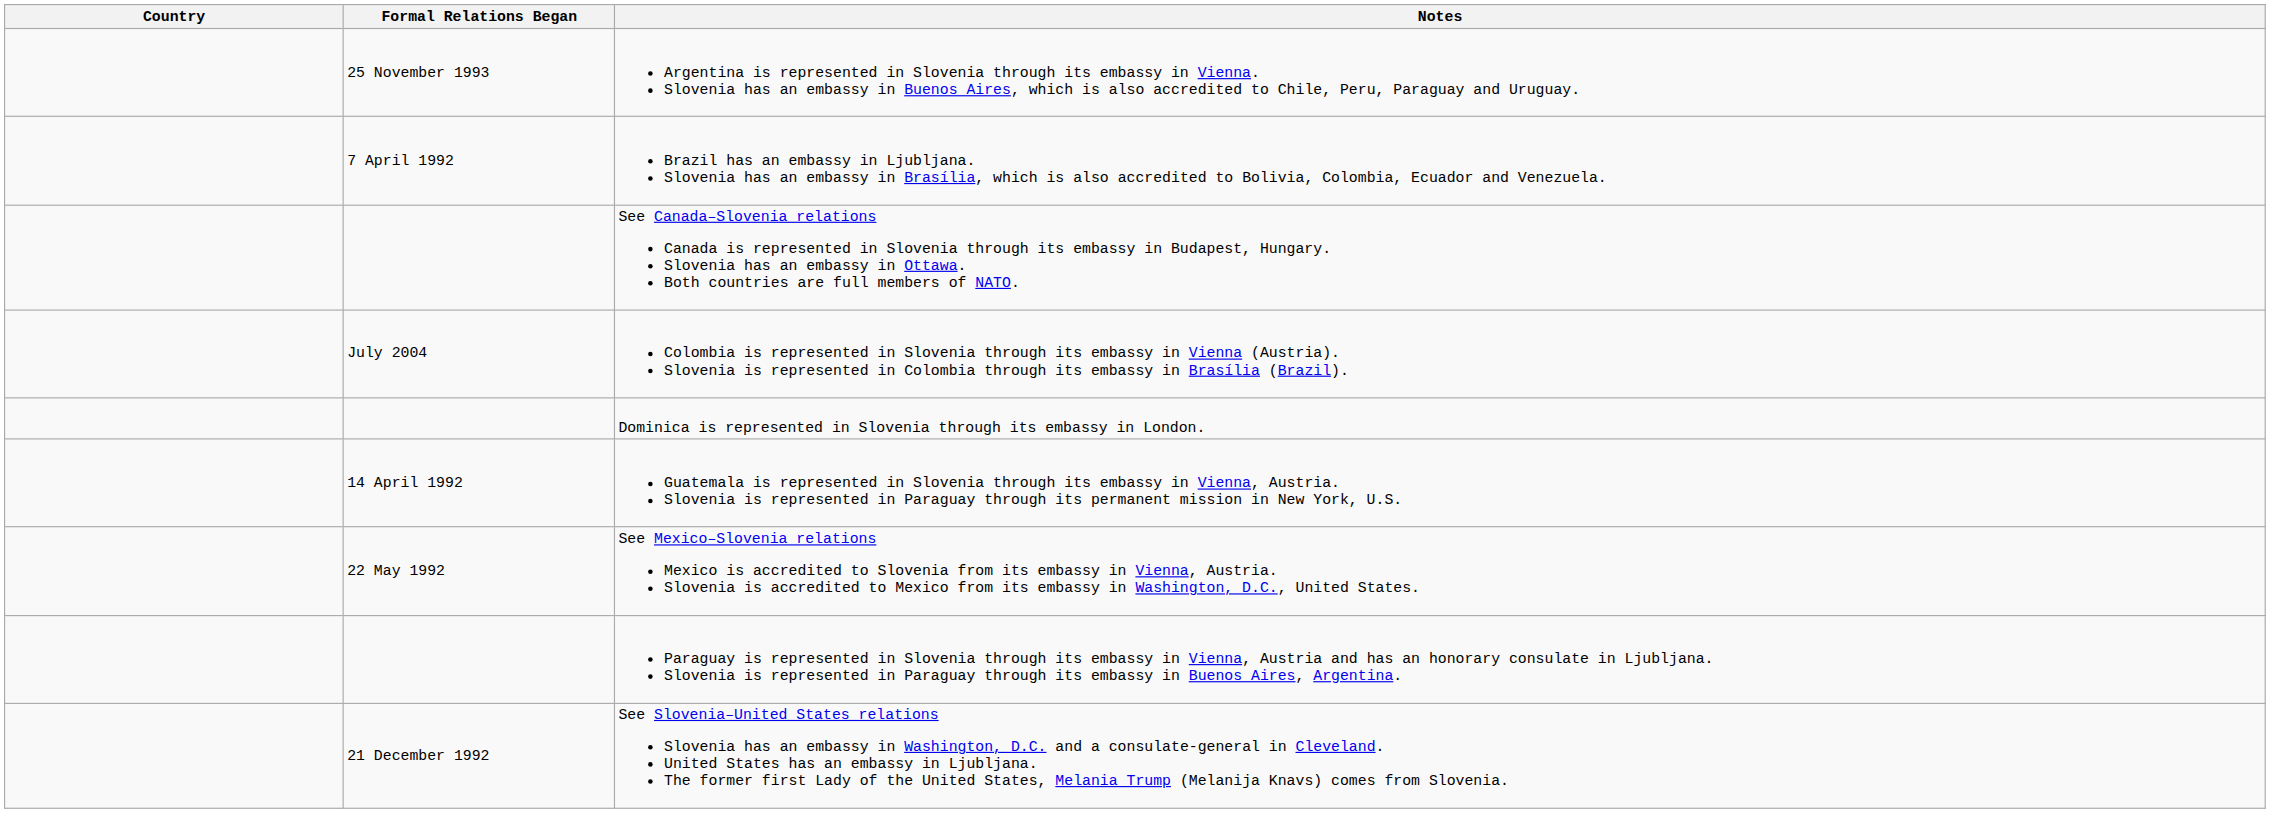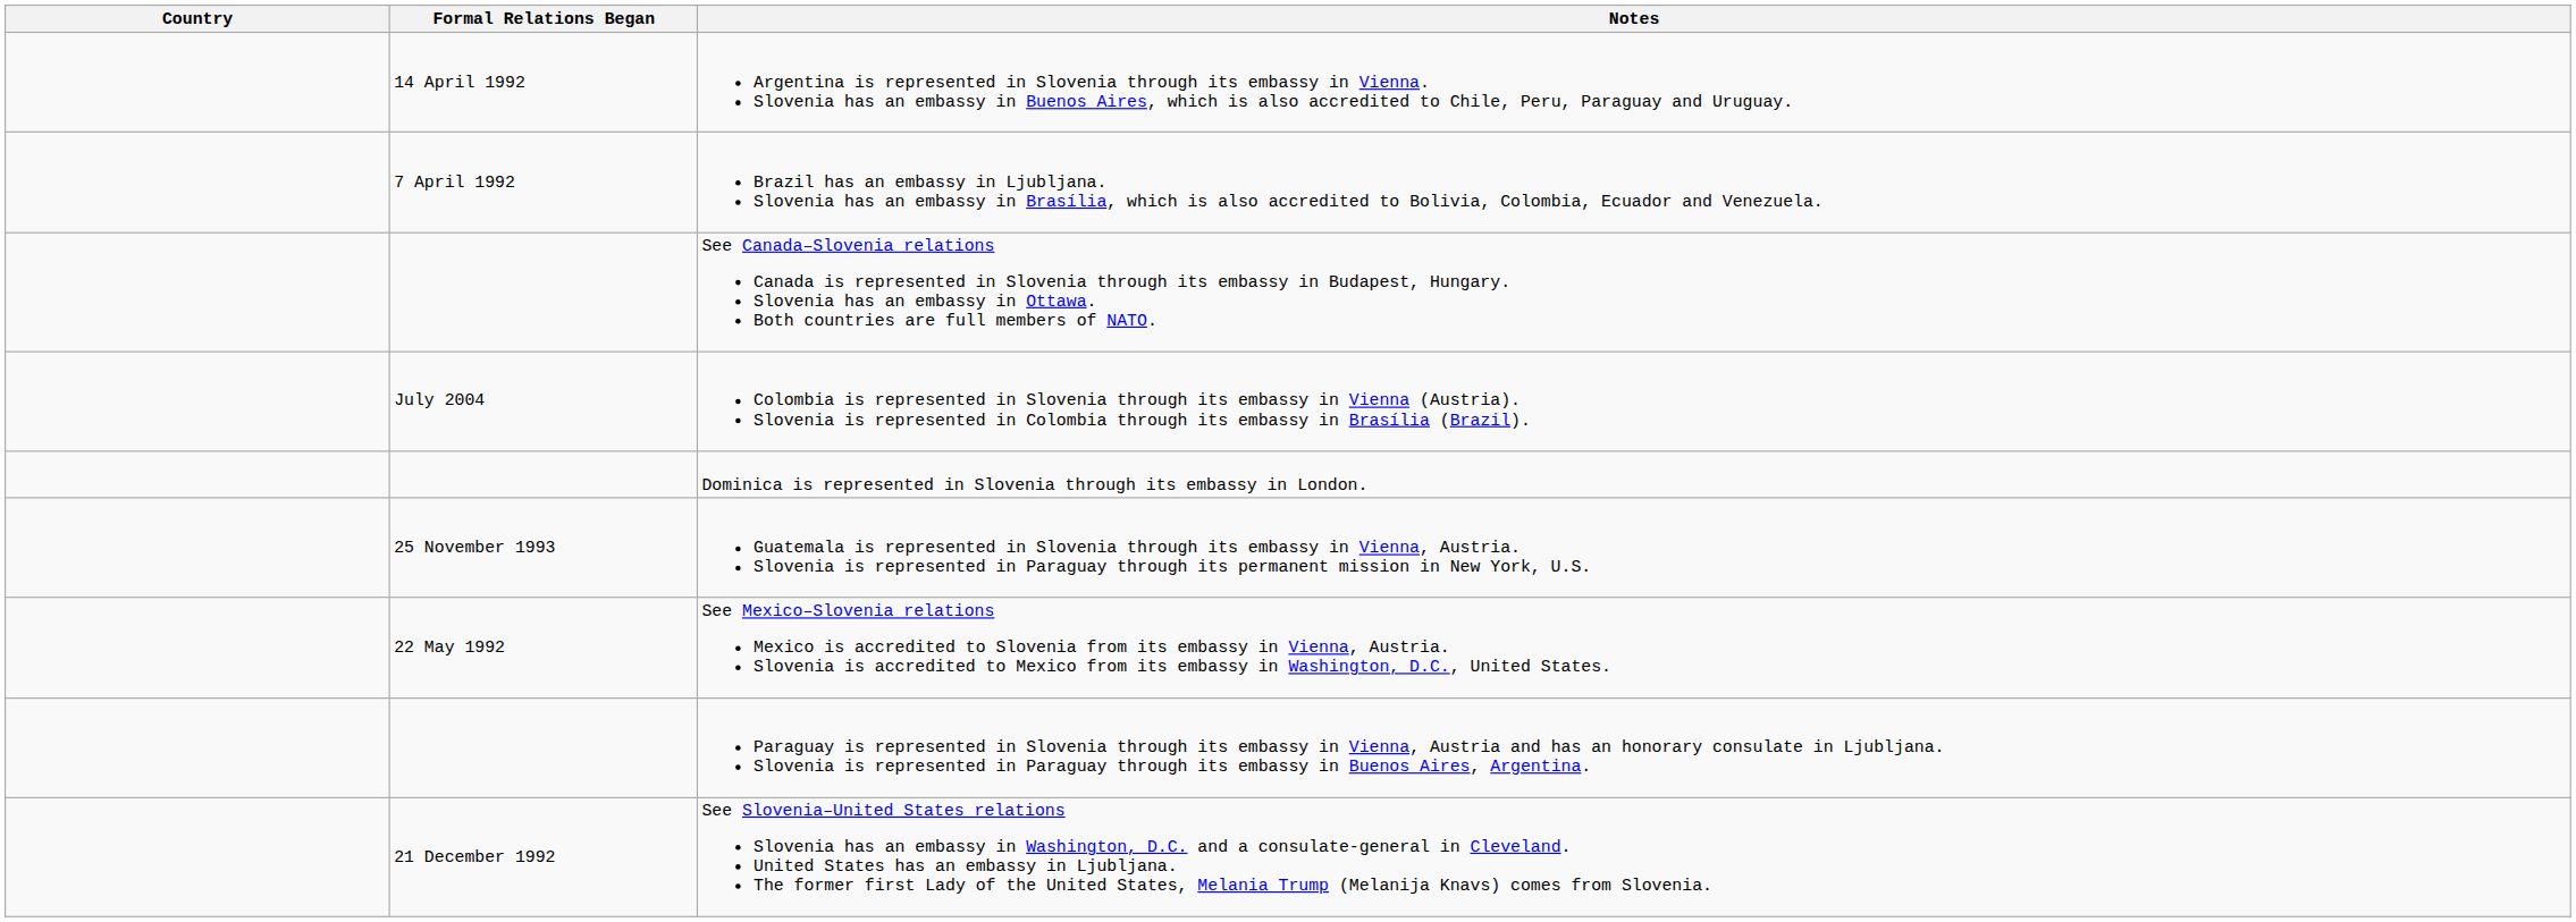 <table class="wikitable sortable" border="1" style="width:100%; margin:auto;">
 <tr>
 <th width="15%">Country</th>
 <th width="12%">Formal Relations Began</th>
 <th>Notes</th>
 </tr>
 <tr -valign="top">
 <td></td>
-<td>25 November 1993</td>
+<td>14 April 1992</td>
 <td><br><ul><li>Argentina is represented in Slovenia through its embassy in <a href='#'>Vienna</a>.</li><li>Slovenia has an embassy in <a href='#'>Buenos Aires</a>, which is also accredited to Chile, Peru, Paraguay and Uruguay.</li></ul></td>
 </tr>
 <tr -valign="top">
 <td></td>
 <td>7 April 1992</td>
 <td><br><ul><li>Brazil has an embassy in Ljubljana.</li><li>Slovenia has an embassy in <a href='#'>Brasília</a>, which is also accredited to Bolivia, Colombia, Ecuador and Venezuela.</li></ul></td>
 </tr>
 <tr -valign="top">
 <td></td>
 <td></td>
 <td>See <a href='#'>Canada–Slovenia relations</a><br><ul><li>Canada is represented in Slovenia through its embassy in Budapest, Hungary.</li><li>Slovenia has an embassy in <a href='#'>Ottawa</a>.</li><li>Both countries are full members of <a href='#'>NATO</a>.</li></ul></td>
 </tr>
 <tr -valign="top">
 <td></td>
 <td>July 2004</td>
 <td><br><ul><li>Colombia is represented in Slovenia through its embassy in <a href='#'>Vienna</a> (Austria).</li><li>Slovenia is represented in Colombia through its embassy in <a href='#'>Brasília</a> (<a href='#'>Brazil</a>).</li></ul></td>
 </tr>
 <tr -valign="top">
 <td></td>
 <td></td>
 <td><br>Dominica is represented in Slovenia through its embassy in London.</td>
 </tr>
 <tr -valign="top">
 <td></td>
-<td>14 April 1992</td>
+<td>25 November 1993</td>
 <td><br><ul><li>Guatemala is represented in Slovenia through its embassy in <a href='#'>Vienna</a>, Austria.</li><li>Slovenia is represented in Paraguay through its permanent mission in New York, U.S.</li></ul></td>
 </tr>
 <tr -valign="top">
 <td></td>
 <td>22 May 1992</td>
 <td>See <a href='#'>Mexico–Slovenia relations</a><br><ul><li>Mexico is accredited to Slovenia from its embassy in <a href='#'>Vienna</a>, Austria.</li><li>Slovenia is accredited to Mexico from its embassy in <a href='#'>Washington, D.C.</a>, United States.</li></ul></td>
 </tr>
 <tr -valign="top">
 <td></td>
 <td></td>
 <td><br><ul><li>Paraguay is represented in Slovenia through its embassy in <a href='#'>Vienna</a>, Austria and has an honorary consulate in Ljubljana.</li><li>Slovenia is represented in Paraguay through its embassy in <a href='#'>Buenos Aires</a>, <a href='#'>Argentina</a>.</li></ul></td>
 </tr>
 <tr -valign="top">
 <td></td>
 <td>21 December 1992</td>
 <td>See <a href='#'>Slovenia–United States relations</a><br><ul><li>Slovenia has an embassy in <a href='#'>Washington, D.C.</a> and a consulate-general in <a href='#'>Cleveland</a>.</li><li>United States has an embassy in Ljubljana.</li><li>The former first Lady of the United States, <a href='#'>Melania Trump</a> (Melanija Knavs) comes from Slovenia.</li></ul></td>
 </tr>
 </table>
